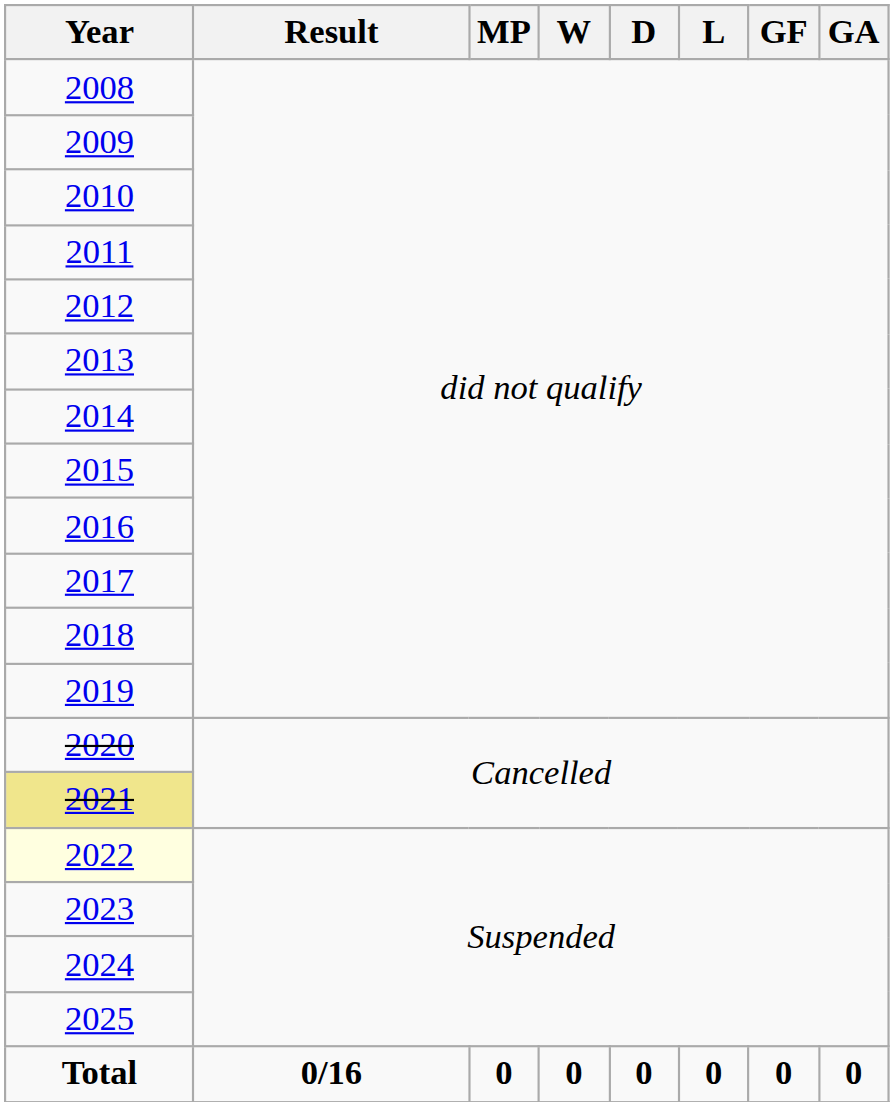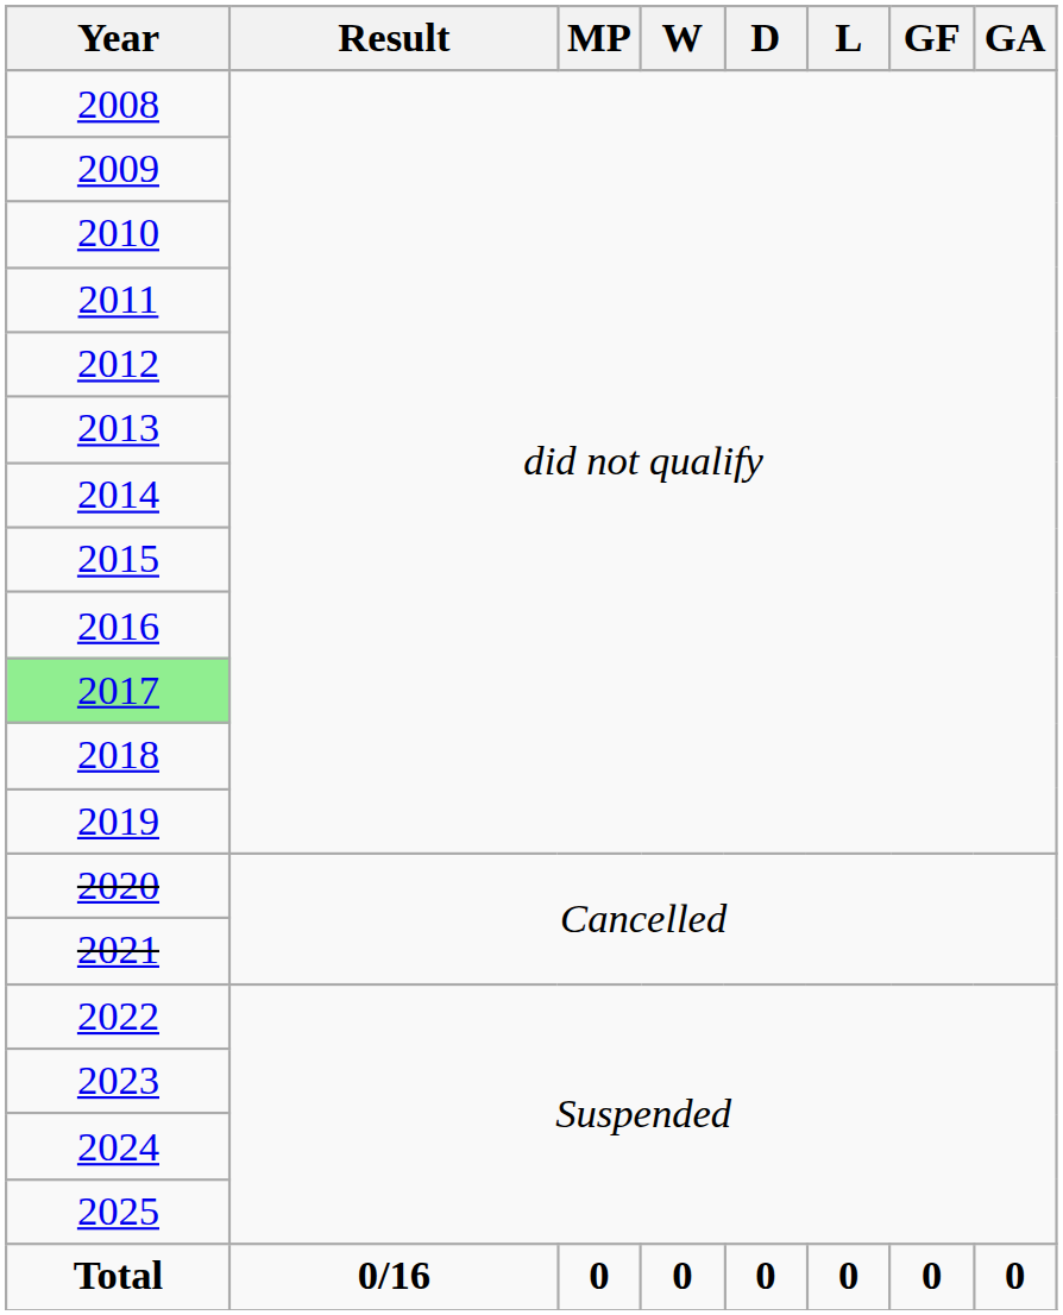 <table class="wikitable" style="text-align: center;">
 <tr>
 <th width=80>Year</th>
 <th width=120>Result</th>
 <th width=25>MP</th>
 <th width=25>W</th>
 <th width=25>D</th>
 <th width=25>L</th>
 <th width=25>GF</th>
 <th width=25>GA</th>
 </tr>
 <tr>
 <td> <a href='#'>2008</a></td>
 <td colspan=7 rowspan=12><em>did not qualify</em></td>
 </tr>
 <tr>
 <td> <a href='#'>2009</a></td>
 </tr>
 <tr>
 <td> <a href='#'>2010</a></td>
 </tr>
 <tr>
 <td> <a href='#'>2011</a></td>
 </tr>
 <tr>
 <td> <a href='#'>2012</a></td>
 </tr>
 <tr>
 <td> <a href='#'>2013</a></td>
 </tr>
 <tr>
 <td> <a href='#'>2014</a></td>
 </tr>
 <tr>
 <td> <a href='#'>2015</a></td>
 </tr>
 <tr>
 <td> <a href='#'>2016</a></td>
 </tr>
 <tr>
-<td> <a href='#'>2017</a></td>
+<td style="background: lightgreen;"> <a href='#'>2017</a></td>
 </tr>
 <tr>
 <td> <a href='#'>2018</a></td>
 </tr>
 <tr>
 <td> <a href='#'>2019</a></td>
 </tr>
 <tr>
 <td> <s><a href='#'>2020</a></s></td>
 <td colspan=7 rowspan=2><em>Cancelled</em></td>
 </tr>
 <tr>
-<td style="background: khaki;"> <s><a href='#'>2021</a></s></td>
+<td> <s><a href='#'>2021</a></s></td>
 </tr>
 <tr>
-<td style="background: lightyellow;"> <a href='#'>2022</a></td>
+<td> <a href='#'>2022</a></td>
 <td colspan=7 rowspan=4><em>Suspended</em></td>
 </tr>
 <tr>
 <td> <a href='#'>2023</a></td>
 </tr>
 <tr>
 <td> <a href='#'>2024</a></td>
 </tr>
 <tr>
 <td> <a href='#'>2025</a></td>
 </tr>
 <tr>
 <td><strong>Total</strong></td>
 <td><strong>0/16</strong></td>
 <td><strong>0</strong></td>
 <td><strong>0</strong></td>
 <td><strong>0</strong></td>
 <td><strong>0</strong></td>
 <td><strong>0</strong></td>
 <td><strong>0</strong></td>
 </tr>
 <tr>
 </tr>
 </table>
